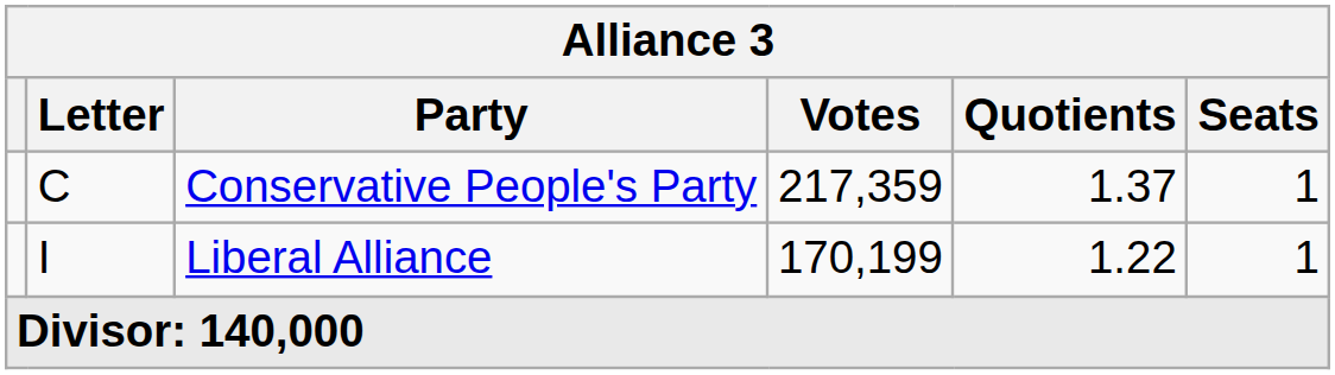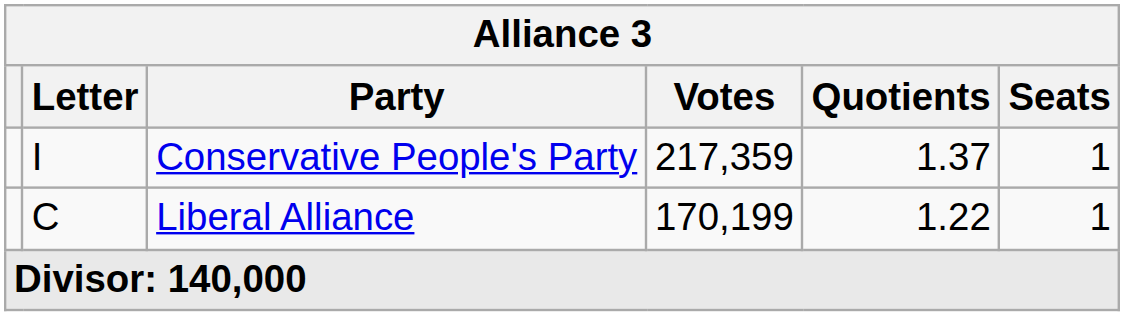 <table class="wikitable">
 <tr>
 <th colspan="6">Alliance 3</th>
 </tr>
 <tr>
 <th></th>
 <th>Letter</th>
 <th>Party</th>
 <th>Votes</th>
 <th>Quotients</th>
 <th>Seats</th>
 </tr>
 <tr>
 <td></td>
-<td style="text-align:left;">C</td>
+<td style="text-align:left;">I</td>
 <td style="text-align:left;"><a href='#'>Conservative People's Party</a></td>
 <td style="text-align:right;">217,359</td>
 <td style="text-align:right;">1.37</td>
 <td style="text-align:right;">1</td>
 </tr>
 <tr>
 <td></td>
-<td style="text-align:left;">I</td>
+<td style="text-align:left;">C</td>
 <td style="text-align:left;"><a href='#'>Liberal Alliance</a></td>
 <td style="text-align:right;">170,199</td>
 <td style="text-align:right;">1.22</td>
 <td style="text-align:right;">1</td>
 </tr>
 <tr style="background-color:#E9E9E9">
 <td colspan="6" style="text-align:left;"><strong>Divisor: 140,000</strong></td>
 </tr>
 </table>
